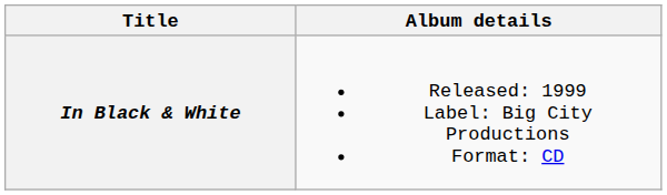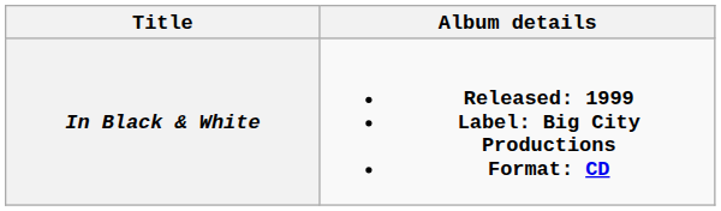 <table class="wikitable plainrowheaders" style="text-align:center">
 <tr>
 <th scope="col" style="width:15em;">Title</th>
 <th scope="col" style="width:19em;">Album details</th>
 </tr>
 <tr>
 <th scope="row"><em>In Black & White</em></th>
-<td><br><ul><li>Released: 1999</li><li>Label: Big City Productions</li><li>Format: <a href='#'>CD</a></li></ul></td>
+<td><strong><br><ul><li>Released: 1999</li><li>Label: Big City Productions</li><li>Format: <a href='#'>CD</a></li></ul></strong></td>
 </tr>
 </table>
